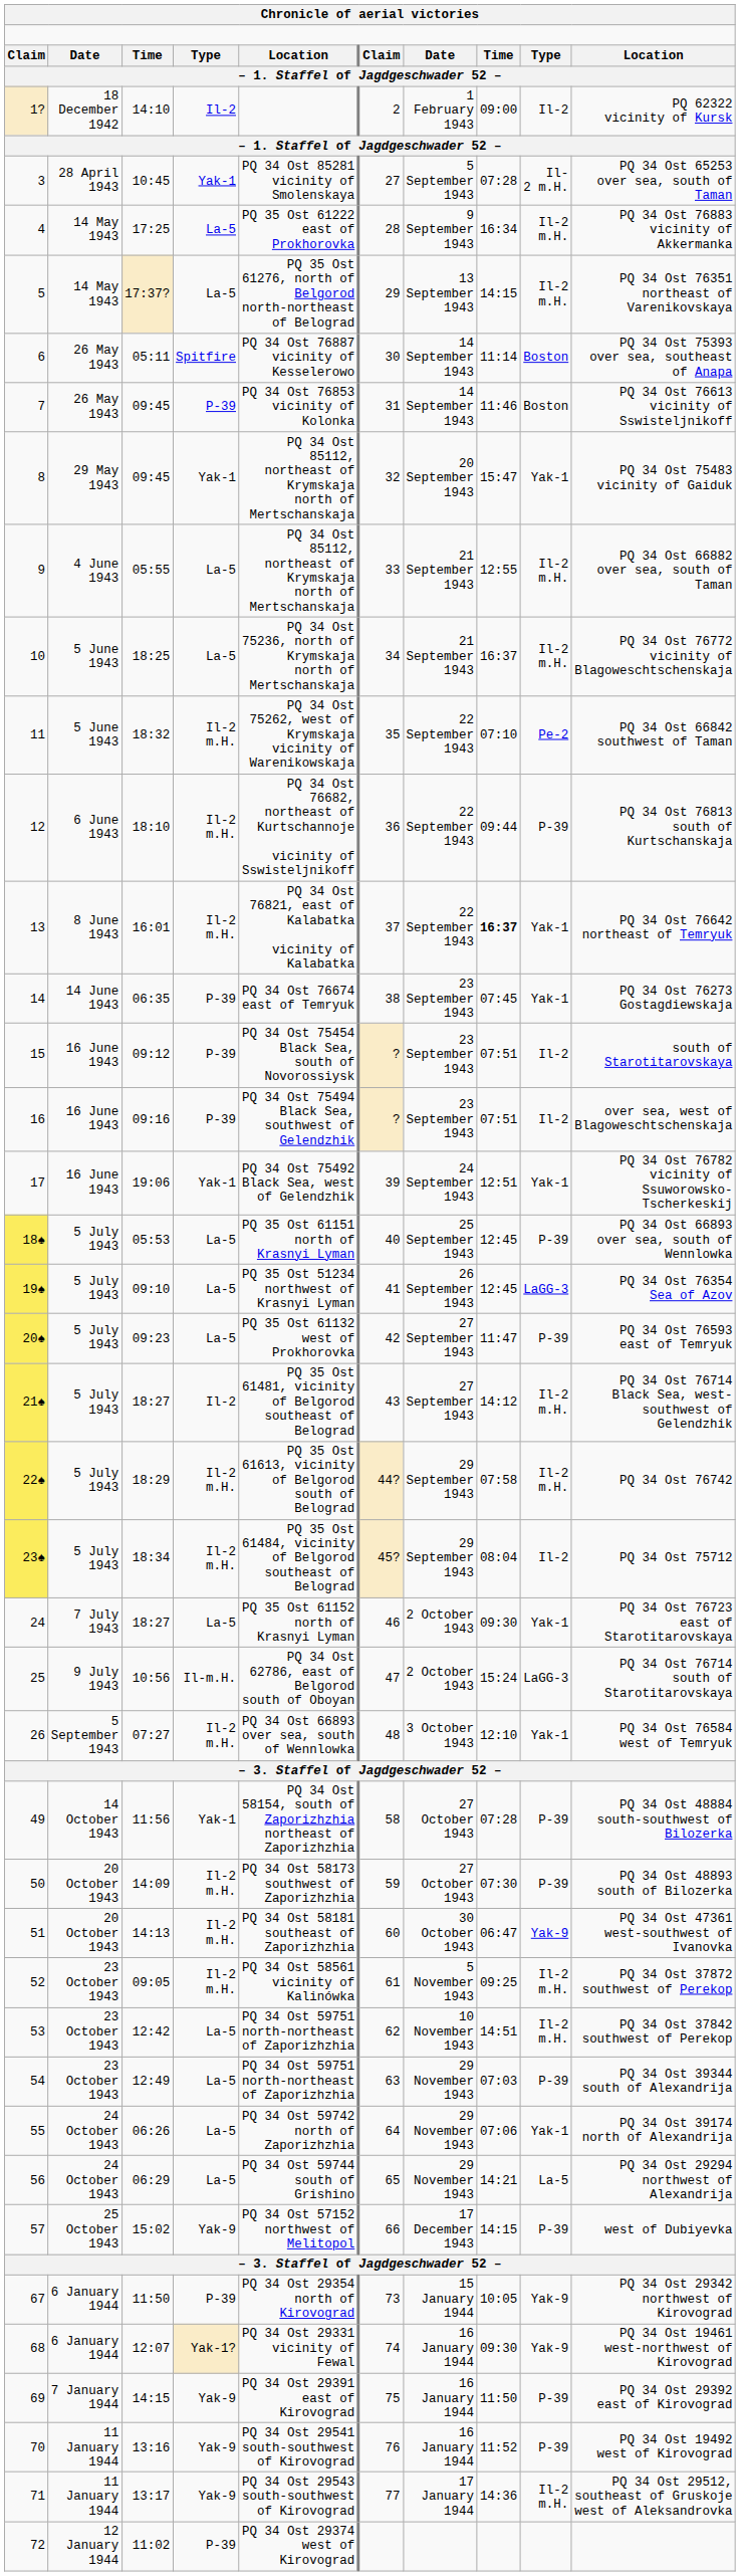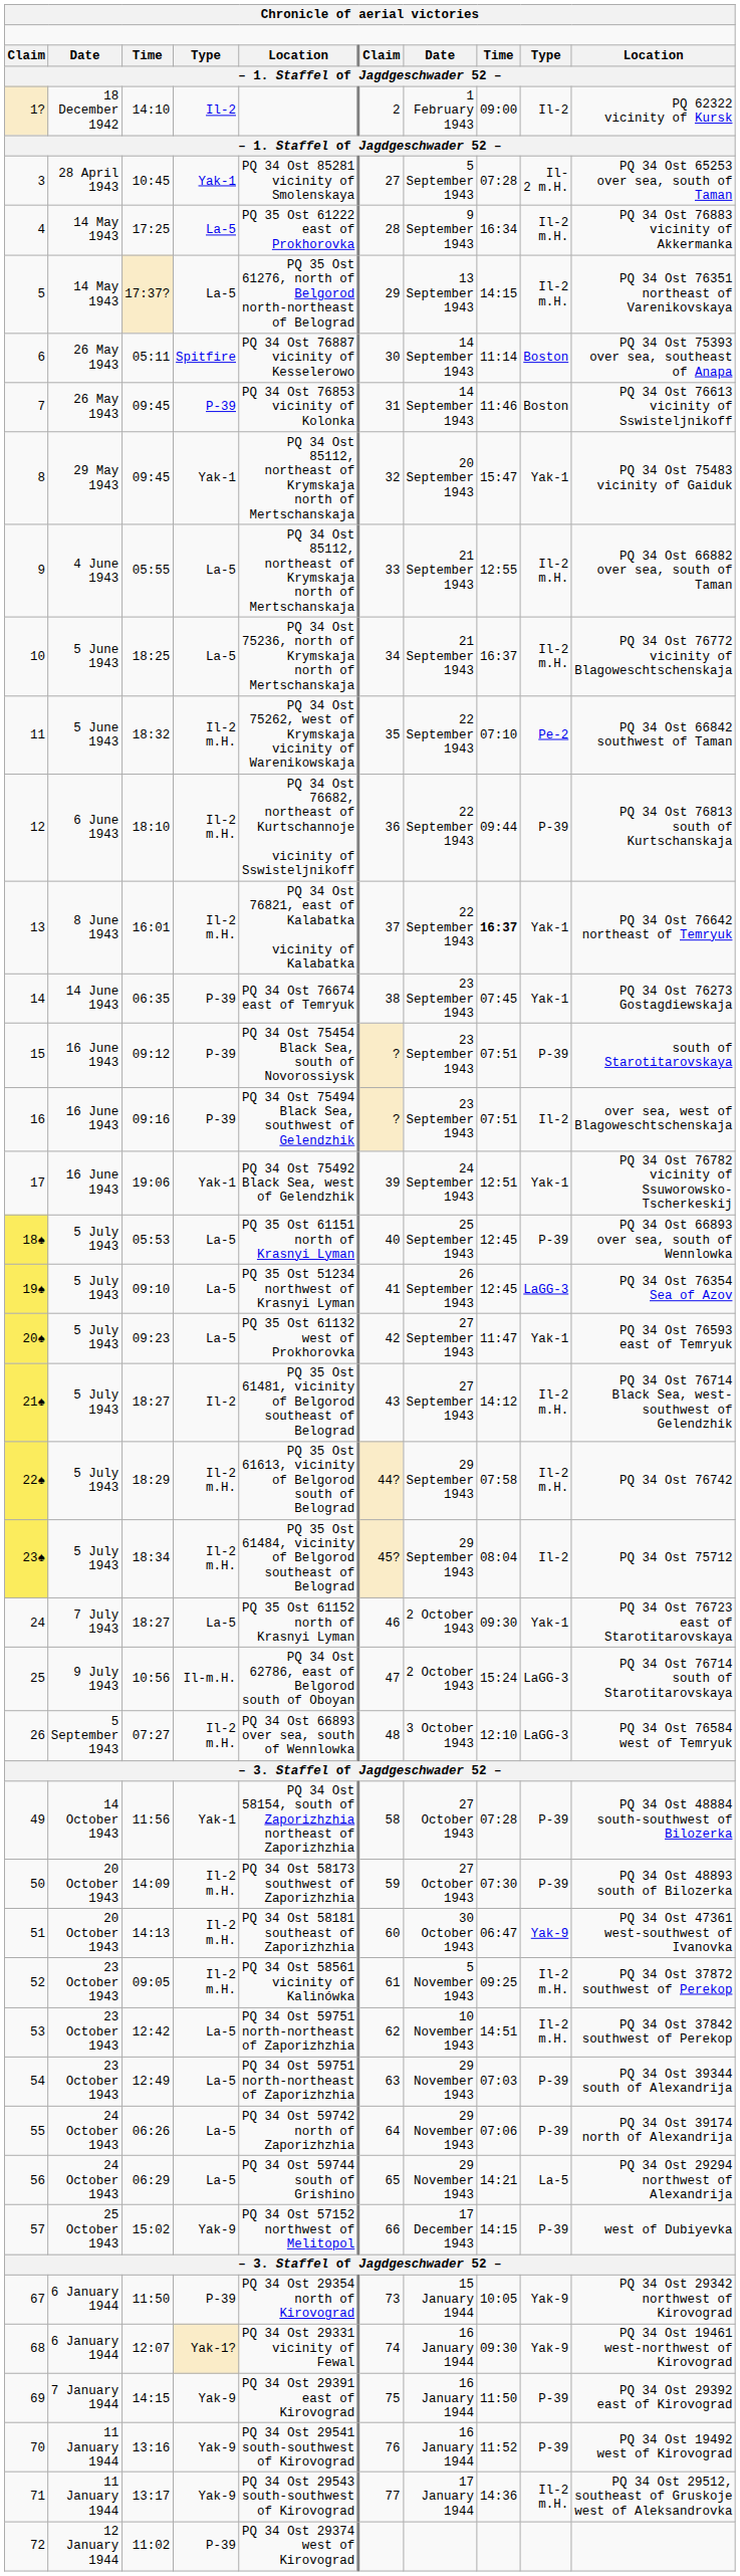 <table class="wikitable plainrowheaders collapsible" style="margin-left: auto; margin-right: auto; border: none; text-align:right; width: 100%;">
 <tr>
 <th colspan="10">Chronicle of aerial victories</th>
 </tr>
 <tr>
 <td colspan="10" style="text-align: left;"><br> </td>
 </tr>
 <tr>
 <th scope="col">Claim</th>
 <th scope="col">Date</th>
 <th scope="col">Time</th>
 <th scope="col" width="100px">Type</th>
 <th scope="col">Location</th>
 <th scope="col" style="border-left: 3px solid grey;">Claim</th>
 <th scope="col">Date</th>
 <th scope="col">Time</th>
 <th scope="col" width="100px">Type</th>
 <th scope="col">Location</th>
 </tr>
 <tr>
 <th colspan="10">– 1. <em>Staffel</em> of <em>Jagdgeschwader</em> 52 –<br></th>
 </tr>
 <tr>
 <td style="background:#faecc8">1?</td>
 <td>18 December 1942</td>
 <td>14:10</td>
 <td><a href='#'>Il-2</a></td>
 <td></td>
 <td style="border-left: 3px solid grey;">2</td>
 <td>1 February 1943</td>
 <td>09:00</td>
 <td>Il-2</td>
 <td>PQ 62322<br>vicinity of <a href='#'>Kursk</a></td>
 </tr>
 <tr>
 <th colspan="10">– 1. <em>Staffel</em> of <em>Jagdgeschwader</em> 52 –<br></th>
 </tr>
 <tr>
 <td>3</td>
 <td>28 April 1943</td>
 <td>10:45</td>
 <td><a href='#'>Yak-1</a></td>
 <td>PQ 34 Ost 85281<br>vicinity of Smolenskaya</td>
 <td style="border-left: 3px solid grey;">27</td>
 <td>5 September 1943</td>
 <td>07:28</td>
 <td>Il-2 m.H.</td>
 <td>PQ 34 Ost 65253<br>over sea, south of <a href='#'>Taman</a></td>
 </tr>
 <tr>
 <td>4</td>
 <td>14 May 1943</td>
 <td>17:25</td>
 <td><a href='#'>La-5</a></td>
 <td>PQ 35 Ost 61222<br> east of <a href='#'>Prokhorovka</a></td>
 <td style="border-left: 3px solid grey;">28</td>
 <td>9 September 1943</td>
 <td>16:34</td>
 <td>Il-2 m.H.</td>
 <td>PQ 34 Ost 76883<br>vicinity of Akkermanka</td>
 </tr>
 <tr>
 <td>5</td>
 <td>14 May 1943</td>
 <td style="background:#faecc8">17:37?</td>
 <td>La-5</td>
 <td>PQ 35 Ost 61276,  north of <a href='#'>Belgorod</a><br> north-northeast of Belograd</td>
 <td style="border-left: 3px solid grey;">29</td>
 <td>13 September 1943</td>
 <td>14:15</td>
 <td>Il-2 m.H.</td>
 <td>PQ 34 Ost 76351<br>northeast of Varenikovskaya</td>
 </tr>
 <tr>
 <td>6</td>
 <td>26 May 1943</td>
 <td>05:11</td>
 <td><a href='#'>Spitfire</a></td>
 <td>PQ 34 Ost 76887<br>vicinity of Kesselerowo</td>
 <td style="border-left: 3px solid grey;">30</td>
 <td>14 September 1943</td>
 <td>11:14</td>
 <td><a href='#'>Boston</a></td>
 <td>PQ 34 Ost 75393<br>over sea, southeast of <a href='#'>Anapa</a></td>
 </tr>
 <tr>
 <td>7</td>
 <td>26 May 1943</td>
 <td>09:45</td>
 <td><a href='#'>P-39</a></td>
 <td>PQ 34 Ost 76853<br>vicinity of Kolonka</td>
 <td style="border-left: 3px solid grey;">31</td>
 <td>14 September 1943</td>
 <td>11:46</td>
 <td>Boston</td>
 <td>PQ 34 Ost 76613<br>vicinity of Sswisteljnikoff</td>
 </tr>
 <tr>
 <td>8</td>
 <td>29 May 1943</td>
 <td>09:45</td>
 <td>Yak-1</td>
 <td>PQ 34 Ost 85112,  northeast of Krymskaja<br>north of Mertschanskaja</td>
 <td style="border-left: 3px solid grey;">32</td>
 <td>20 September 1943</td>
 <td>15:47</td>
 <td>Yak-1</td>
 <td>PQ 34 Ost 75483<br>vicinity of Gaiduk</td>
 </tr>
 <tr>
 <td>9</td>
 <td>4 June 1943</td>
 <td>05:55</td>
 <td>La-5</td>
 <td>PQ 34 Ost 85112,  northeast of Krymskaja<br>north of Mertschanskaja</td>
 <td style="border-left: 3px solid grey;">33</td>
 <td>21 September 1943</td>
 <td>12:55</td>
 <td>Il-2 m.H.</td>
 <td>PQ 34 Ost 66882<br>over sea, south of Taman</td>
 </tr>
 <tr>
 <td>10</td>
 <td>5 June 1943</td>
 <td>18:25</td>
 <td>La-5</td>
 <td>PQ 34 Ost 75236, north of Krymskaja<br>north of Mertschanskaja</td>
 <td style="border-left: 3px solid grey;">34</td>
 <td>21 September 1943</td>
 <td>16:37</td>
 <td>Il-2 m.H.</td>
 <td>PQ 34 Ost 76772<br>vicinity of Blagoweschtschenskaja</td>
 </tr>
 <tr>
 <td>11</td>
 <td>5 June 1943</td>
 <td>18:32</td>
 <td>Il-2 m.H.</td>
 <td>PQ 34 Ost 75262, west of Krymskaja<br>vicinity of Warenikowskaja</td>
 <td style="border-left: 3px solid grey;">35</td>
 <td>22 September 1943</td>
 <td>07:10</td>
 <td><a href='#'>Pe-2</a></td>
 <td>PQ 34 Ost 66842<br>southwest of Taman</td>
 </tr>
 <tr>
 <td>12</td>
 <td>6 June 1943</td>
 <td>18:10</td>
 <td>Il-2 m.H.</td>
 <td>PQ 34 Ost 76682,  northeast of Kurtschannoje<br><br>vicinity of Sswisteljnikoff</td>
 <td style="border-left: 3px solid grey;">36</td>
 <td>22 September 1943</td>
 <td>09:44</td>
 <td>P-39</td>
 <td>PQ 34 Ost 76813<br>south of Kurtschanskaja</td>
 </tr>
 <tr>
 <td>13</td>
 <td>8 June 1943</td>
 <td>16:01</td>
 <td>Il-2 m.H.</td>
 <td>PQ 34 Ost 76821, east of Kalabatka<br><br>vicinity of Kalabatka</td>
 <td style="border-left: 3px solid grey;">37</td>
 <td>22 September 1943</td>
 <td><strong>16:37</strong></td>
 <td>Yak-1</td>
 <td>PQ 34 Ost 76642<br>northeast of <a href='#'>Temryuk</a></td>
 </tr>
 <tr>
 <td>14</td>
 <td>14 June 1943</td>
 <td>06:35</td>
 <td>P-39</td>
 <td>PQ 34 Ost 76674<br>east of Temryuk</td>
 <td style="border-left: 3px solid grey;">38</td>
 <td>23 September 1943</td>
 <td>07:45</td>
 <td>Yak-1</td>
 <td>PQ 34 Ost 76273<br>Gostagdiewskaja</td>
 </tr>
 <tr>
 <td>15</td>
 <td>16 June 1943</td>
 <td>09:12</td>
 <td>P-39</td>
 <td>PQ 34 Ost 75454<br>Black Sea,  south of Novorossiysk</td>
 <td style="border-left: 3px solid grey; background:#faecc8">?</td>
 <td>23 September 1943</td>
 <td>07:51</td>
-<td>Il-2</td>
+<td>P-39</td>
 <td>south of <a href='#'>Starotitarovskaya</a></td>
 </tr>
 <tr>
 <td>16</td>
 <td>16 June 1943</td>
 <td>09:16</td>
 <td>P-39</td>
 <td>PQ 34 Ost 75494<br>Black Sea,  southwest of <a href='#'>Gelendzhik</a></td>
 <td style="border-left: 3px solid grey; background:#faecc8">?</td>
 <td>23 September 1943</td>
 <td>07:51</td>
 <td>Il-2</td>
 <td>over sea, west of Blagoweschtschenskaja</td>
 </tr>
 <tr>
 <td>17</td>
 <td>16 June 1943</td>
 <td>19:06</td>
 <td>Yak-1</td>
 <td>PQ 34 Ost 75492<br>Black Sea,  west of Gelendzhik</td>
 <td style="border-left: 3px solid grey;">39</td>
 <td>24 September 1943</td>
 <td>12:51</td>
 <td>Yak-1</td>
 <td>PQ 34 Ost 76782<br>vicinity of Ssuworowsko-Tscherkeskij</td>
 </tr>
 <tr>
 <td style="background:#fbec5d;">18♠</td>
 <td>5 July 1943</td>
 <td>05:53</td>
 <td>La-5</td>
 <td>PQ 35 Ost 61151<br> north of <a href='#'>Krasnyi Lyman</a></td>
 <td style="border-left: 3px solid grey;">40</td>
 <td>25 September 1943</td>
 <td>12:45</td>
 <td>P-39</td>
 <td>PQ 34 Ost 66893<br>over sea, south of Wennlowka</td>
 </tr>
 <tr>
 <td style="background:#fbec5d;">19♠</td>
 <td>5 July 1943</td>
 <td>09:10</td>
 <td>La-5</td>
 <td>PQ 35 Ost 51234<br> northwest of Krasnyi Lyman</td>
 <td style="border-left: 3px solid grey;">41</td>
 <td>26 September 1943</td>
 <td>12:45</td>
 <td><a href='#'>LaGG-3</a></td>
 <td>PQ 34 Ost 76354<br><a href='#'>Sea of Azov</a></td>
 </tr>
 <tr>
 <td style="background:#fbec5d;">20♠</td>
 <td>5 July 1943</td>
 <td>09:23</td>
 <td>La-5</td>
 <td>PQ 35 Ost 61132<br> west of Prokhorovka</td>
 <td style="border-left: 3px solid grey;">42</td>
 <td>27 September 1943</td>
 <td>11:47</td>
-<td>P-39</td>
+<td>Yak-1</td>
 <td>PQ 34 Ost 76593<br>east of Temryuk</td>
 </tr>
 <tr>
 <td style="background:#fbec5d;">21♠</td>
 <td>5 July 1943</td>
 <td>18:27</td>
 <td>Il-2</td>
 <td>PQ 35 Ost 61481, vicinity of Belgorod<br> southeast of Belograd</td>
 <td style="border-left: 3px solid grey;">43</td>
 <td>27 September 1943</td>
 <td>14:12</td>
 <td>Il-2 m.H.</td>
 <td>PQ 34 Ost 76714<br>Black Sea,  west-southwest of Gelendzhik</td>
 </tr>
 <tr>
 <td style="background:#fbec5d;">22♠</td>
 <td>5 July 1943</td>
 <td>18:29</td>
 <td>Il-2 m.H.</td>
 <td>PQ 35 Ost 61613, vicinity of Belgorod<br> south of Belograd</td>
 <td style="border-left: 3px solid grey; background:#faecc8">44?</td>
 <td>29 September 1943</td>
 <td>07:58</td>
 <td>Il-2 m.H.</td>
 <td>PQ 34 Ost 76742</td>
 </tr>
 <tr>
 <td style="background:#fbec5d;">23♠</td>
 <td>5 July 1943</td>
 <td>18:34</td>
 <td>Il-2 m.H.</td>
 <td>PQ 35 Ost 61484, vicinity of Belgorod<br> southeast of Belograd</td>
 <td style="border-left: 3px solid grey; background:#faecc8">45?</td>
 <td>29 September 1943</td>
 <td>08:04</td>
 <td>Il-2</td>
 <td>PQ 34 Ost 75712</td>
 </tr>
 <tr>
 <td>24</td>
 <td>7 July 1943</td>
 <td>18:27</td>
 <td>La-5</td>
 <td>PQ 35 Ost 61152<br> north of Krasnyi Lyman</td>
 <td style="border-left: 3px solid grey;">46</td>
 <td>2 October 1943</td>
 <td>09:30</td>
 <td>Yak-1</td>
 <td>PQ 34 Ost 76723<br>east of Starotitarovskaya</td>
 </tr>
 <tr>
 <td>25</td>
 <td>9 July 1943</td>
 <td>10:56</td>
 <td>Il-m.H.</td>
 <td>PQ 34 Ost 62786, east of Belgorod<br> south of Oboyan</td>
 <td style="border-left: 3px solid grey;">47</td>
 <td>2 October 1943</td>
 <td>15:24</td>
 <td>LaGG-3</td>
 <td>PQ 34 Ost 76714<br>south of Starotitarovskaya</td>
 </tr>
 <tr>
 <td>26</td>
 <td>5 September 1943</td>
 <td>07:27</td>
 <td>Il-2 m.H.</td>
 <td>PQ 34 Ost 66893<br>over sea, south of Wennlowka</td>
 <td style="border-left: 3px solid grey;">48</td>
 <td>3 October 1943</td>
 <td>12:10</td>
-<td>Yak-1</td>
+<td>LaGG-3</td>
 <td>PQ 34 Ost 76584<br>west of Temryuk</td>
 </tr>
 <tr>
 <th colspan="10">– 3. <em>Staffel</em> of <em>Jagdgeschwader</em> 52 –<br></th>
 </tr>
 <tr>
 <td>49</td>
 <td>14 October 1943</td>
 <td>11:56</td>
 <td>Yak-1</td>
 <td>PQ 34 Ost 58154, south of <a href='#'>Zaporizhzhia</a><br>northeast of Zaporizhzhia</td>
 <td style="border-left: 3px solid grey;">58</td>
 <td>27 October 1943</td>
 <td>07:28</td>
 <td>P-39</td>
 <td>PQ 34 Ost 48884<br> south-southwest of <a href='#'>Bilozerka</a></td>
 </tr>
 <tr>
 <td>50</td>
 <td>20 October 1943</td>
 <td>14:09</td>
 <td>Il-2 m.H.</td>
 <td>PQ 34 Ost 58173<br> southwest of Zaporizhzhia</td>
 <td style="border-left: 3px solid grey;">59</td>
 <td>27 October 1943</td>
 <td>07:30</td>
 <td>P-39</td>
 <td>PQ 34 Ost 48893<br> south of Bilozerka</td>
 </tr>
 <tr>
 <td>51</td>
 <td>20 October 1943</td>
 <td>14:13</td>
 <td>Il-2 m.H.</td>
 <td>PQ 34 Ost 58181<br> southeast of Zaporizhzhia</td>
 <td style="border-left: 3px solid grey;">60</td>
 <td>30 October 1943</td>
 <td>06:47</td>
 <td><a href='#'>Yak-9</a></td>
 <td>PQ 34 Ost 47361<br> west-southwest of Ivanovka</td>
 </tr>
 <tr>
 <td>52</td>
 <td>23 October 1943</td>
 <td>09:05</td>
 <td>Il-2 m.H.</td>
 <td>PQ 34 Ost 58561<br>vicinity of Kalinówka</td>
 <td style="border-left: 3px solid grey;">61</td>
 <td>5 November 1943</td>
 <td>09:25</td>
 <td>Il-2 m.H.</td>
 <td>PQ 34 Ost 37872<br> southwest of <a href='#'>Perekop</a></td>
 </tr>
 <tr>
 <td>53</td>
 <td>23 October 1943</td>
 <td>12:42</td>
 <td>La-5</td>
 <td>PQ 34 Ost 59751<br> north-northeast of Zaporizhzhia</td>
 <td style="border-left: 3px solid grey;">62</td>
 <td>10 November 1943</td>
 <td>14:51</td>
 <td>Il-2 m.H.</td>
 <td>PQ 34 Ost 37842<br> southwest of Perekop</td>
 </tr>
 <tr>
 <td>54</td>
 <td>23 October 1943</td>
 <td>12:49</td>
 <td>La-5</td>
 <td>PQ 34 Ost 59751<br> north-northeast of Zaporizhzhia</td>
 <td style="border-left: 3px solid grey;">63</td>
 <td>29 November 1943</td>
 <td>07:03</td>
 <td>P-39</td>
 <td>PQ 34 Ost 39344<br> south of Alexandrija</td>
 </tr>
 <tr>
 <td>55</td>
 <td>24 October 1943</td>
 <td>06:26</td>
 <td>La-5</td>
 <td>PQ 34 Ost 59742<br> north of Zaporizhzhia</td>
 <td style="border-left: 3px solid grey;">64</td>
 <td>29 November 1943</td>
 <td>07:06</td>
-<td>Yak-1</td>
+<td>P-39</td>
 <td>PQ 34 Ost 39174<br> north of Alexandrija</td>
 </tr>
 <tr>
 <td>56</td>
 <td>24 October 1943</td>
 <td>06:29</td>
 <td>La-5</td>
 <td>PQ 34 Ost 59744<br> south of Grishino</td>
 <td style="border-left: 3px solid grey;">65</td>
 <td>29 November 1943</td>
 <td>14:21</td>
 <td>La-5</td>
 <td>PQ 34 Ost 29294<br> northwest of Alexandrija</td>
 </tr>
 <tr>
 <td>57</td>
 <td>25 October 1943</td>
 <td>15:02</td>
 <td>Yak-9</td>
 <td>PQ 34 Ost 57152<br> northwest of <a href='#'>Melitopol</a></td>
 <td style="border-left: 3px solid grey;">66</td>
 <td>17 December 1943</td>
 <td>14:15</td>
 <td>P-39</td>
 <td>west of Dubiyevka</td>
 </tr>
 <tr>
 <th colspan="10">– 3. <em>Staffel</em> of <em>Jagdgeschwader</em> 52 –<br></th>
 </tr>
 <tr>
 <td>67</td>
 <td>6 January 1944</td>
 <td>11:50</td>
 <td>P-39</td>
 <td>PQ 34 Ost 29354<br> north of <a href='#'>Kirovograd</a></td>
 <td style="border-left: 3px solid grey;">73</td>
 <td>15 January 1944</td>
 <td>10:05</td>
 <td>Yak-9</td>
 <td>PQ 34 Ost 29342<br> northwest of Kirovograd</td>
 </tr>
 <tr>
 <td>68</td>
 <td>6 January 1944</td>
 <td>12:07</td>
 <td style="background:#faecc8">Yak-1?</td>
 <td>PQ 34 Ost 29331<br>vicinity of Fewal</td>
 <td style="border-left: 3px solid grey;">74</td>
 <td>16 January 1944</td>
 <td>09:30</td>
 <td>Yak-9</td>
 <td>PQ 34 Ost 19461<br> west-northwest of Kirovograd</td>
 </tr>
 <tr>
 <td>69</td>
 <td>7 January 1944</td>
 <td>14:15</td>
 <td>Yak-9</td>
 <td>PQ 34 Ost 29391<br> east of Kirovograd</td>
 <td style="border-left: 3px solid grey;">75</td>
 <td>16 January 1944</td>
 <td>11:50</td>
 <td>P-39</td>
 <td>PQ 34 Ost 29392<br> east of Kirovograd</td>
 </tr>
 <tr>
 <td>70</td>
 <td>11 January 1944</td>
 <td>13:16</td>
 <td>Yak-9</td>
 <td>PQ 34 Ost 29541<br> south-southwest of Kirovograd</td>
 <td style="border-left: 3px solid grey;">76</td>
 <td>16 January 1944</td>
 <td>11:52</td>
 <td>P-39</td>
 <td>PQ 34 Ost 19492<br> west of Kirovograd</td>
 </tr>
 <tr>
 <td>71</td>
 <td>11 January 1944</td>
 <td>13:17</td>
 <td>Yak-9</td>
 <td>PQ 34 Ost 29543<br> south-southwest of Kirovograd</td>
 <td style="border-left: 3px solid grey;">77</td>
 <td>17 January 1944</td>
 <td>14:36</td>
 <td>Il-2 m.H.</td>
 <td>PQ 34 Ost 29512, southeast of Gruskoje<br> west of Aleksandrovka</td>
 </tr>
 <tr>
 <td>72</td>
 <td>12 January 1944</td>
 <td>11:02</td>
 <td>P-39</td>
 <td>PQ 34 Ost 29374<br> west of Kirovograd</td>
 <td style="border-left: 3px solid grey;"></td>
 <td></td>
 <td></td>
 <td></td>
 <td></td>
 </tr>
 </table>
